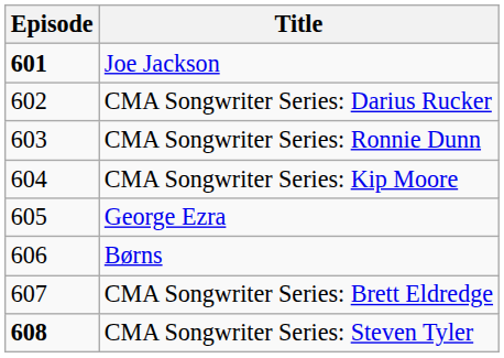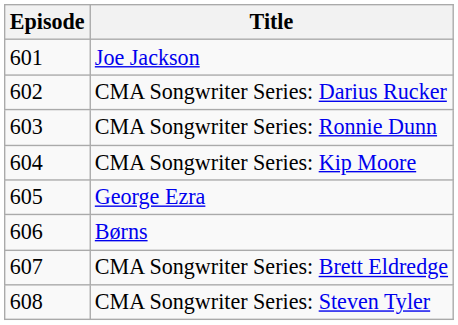 <table class = "wikitable">
 <tr>
 <th>Episode</th>
 <th>Title</th>
 </tr>
 <tr>
-<td><strong>601</strong></td>
+<td>601</td>
 <td><a href='#'>Joe Jackson</a></td>
 </tr>
 <tr>
 <td>602</td>
 <td>CMA Songwriter Series: <a href='#'>Darius Rucker</a></td>
 </tr>
 <tr>
 <td>603</td>
 <td>CMA Songwriter Series: <a href='#'>Ronnie Dunn</a></td>
 </tr>
 <tr>
 <td>604</td>
 <td>CMA Songwriter Series: <a href='#'>Kip Moore</a></td>
 </tr>
 <tr>
 <td>605</td>
 <td><a href='#'>George Ezra</a></td>
 </tr>
 <tr>
 <td>606</td>
 <td><a href='#'>Børns</a></td>
 </tr>
 <tr>
 <td>607</td>
 <td>CMA Songwriter Series: <a href='#'>Brett Eldredge</a></td>
 </tr>
 <tr>
-<td><strong>608</strong></td>
+<td>608</td>
 <td>CMA Songwriter Series: <a href='#'>Steven Tyler</a></td>
 </tr>
 </table>
